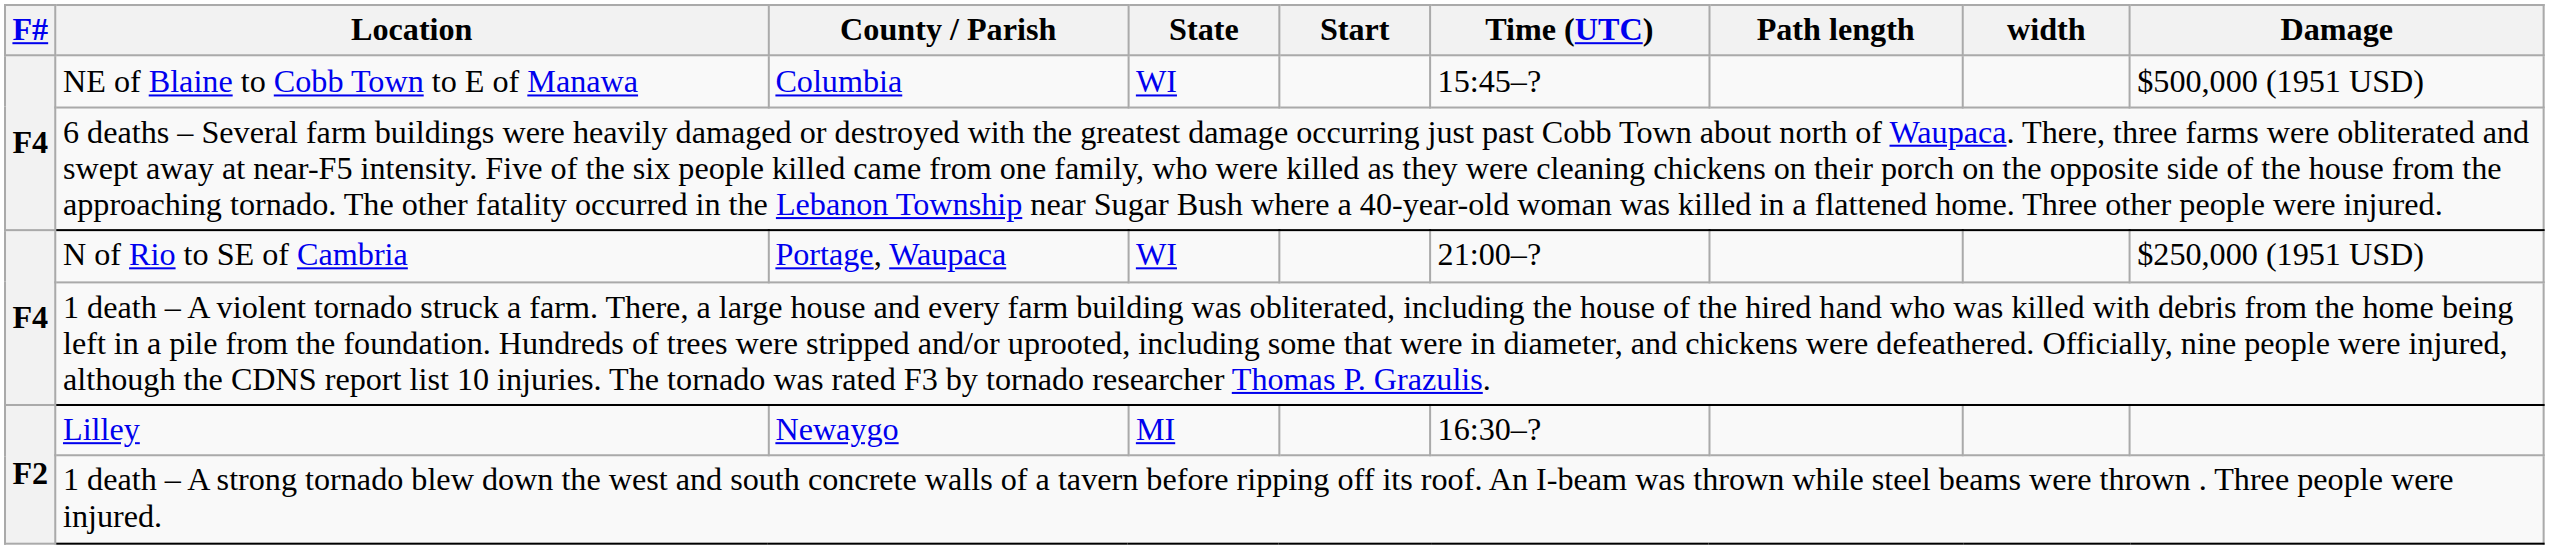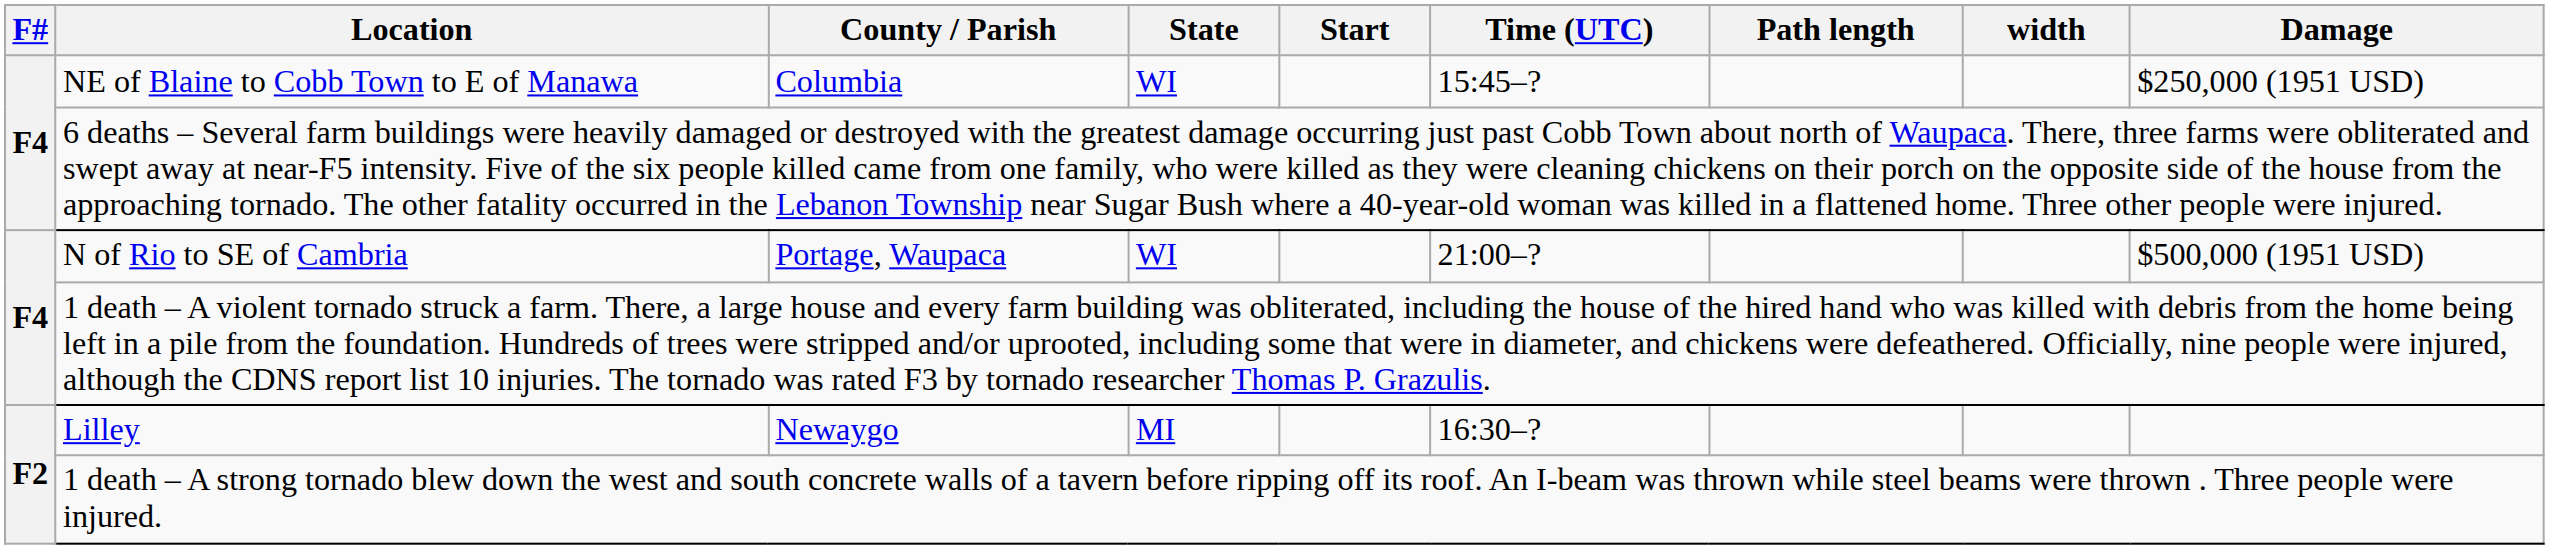 <table class="wikitable sortable" style="width:100%;">
 <tr>
 <th scope="col"  style="text-align:center;"><a href='#'>F#</a></th>
 <th scope="col"  style="text-align:center;" class="unsortable">Location</th>
 <th scope="col"  style="text-align:center;" class="unsortable">County / Parish</th>
 <th scope="col"  style="text-align:center;">State</th>
 <th scope="col"  style="text-align:center;">Start<br></th>
 <th scope="col"  style="text-align:center;">Time (<a href='#'>UTC</a>)</th>
 <th scope="col"  style="text-align:center;">Path length</th>
 <th scope="col"  style="text-align:center;"> width</th>
 <th scope="col"  style="text-align:center;">Damage</th>
 </tr>
 <tr>
 <th scope="row" rowspan="2" style="background-color:#">F4</th>
 <td>NE of <a href='#'>Blaine</a> to <a href='#'>Cobb Town</a> to E of <a href='#'>Manawa</a></td>
 <td><a href='#'>Columbia</a></td>
 <td><a href='#'>WI</a></td>
 <td></td>
 <td>15:45–?</td>
 <td></td>
 <td></td>
-<td>$500,000 (1951 USD)</td>
+<td>$250,000 (1951 USD)</td>
 </tr>
 <tr class="expand-child">
 <td colspan="8" style=" border-bottom: 1px solid black;">6 deaths – Several farm buildings were heavily damaged or destroyed with the greatest damage occurring just past Cobb Town about  north of <a href='#'>Waupaca</a>. There, three farms were obliterated and swept away at near-F5 intensity. Five of the six people killed came from one family, who were killed as they were cleaning chickens on their porch on the opposite side of the house from the approaching tornado. The other fatality occurred in the <a href='#'>Lebanon Township</a> near Sugar Bush where a 40-year-old woman was killed in a flattened home. Three other people were injured.</td>
 </tr>
 <tr>
 <th scope="row" rowspan="2" style="background-color:#">F4</th>
 <td>N of <a href='#'>Rio</a> to SE of <a href='#'>Cambria</a></td>
 <td><a href='#'>Portage</a>, <a href='#'>Waupaca</a></td>
 <td><a href='#'>WI</a></td>
 <td></td>
 <td>21:00–?</td>
 <td></td>
 <td></td>
-<td>$250,000 (1951 USD)</td>
+<td>$500,000 (1951 USD)</td>
 </tr>
 <tr class="expand-child">
 <td colspan="8" style=" border-bottom: 1px solid black;">1 death – A violent tornado struck a farm. There, a large house and every farm building was obliterated, including the house of the hired hand who was killed with debris from the home being left in a pile  from the foundation. Hundreds of trees were stripped and/or uprooted, including some that were  in diameter, and chickens were defeathered. Officially, nine people were injured, although the CDNS report list 10 injuries. The tornado was rated F3 by tornado researcher <a href='#'>Thomas P. Grazulis</a>.</td>
 </tr>
 <tr>
 <th scope="row" rowspan="2" style="background-color:#">F2</th>
 <td><a href='#'>Lilley</a></td>
 <td><a href='#'>Newaygo</a></td>
 <td><a href='#'>MI</a></td>
 <td></td>
 <td>16:30–?</td>
 <td></td>
 <td></td>
 <td></td>
 </tr>
 <tr class="expand-child">
 <td colspan="8" style=" border-bottom: 1px solid black;">1 death – A strong tornado blew down the west and south concrete walls of a tavern before ripping off its roof. An I-beam was thrown  while steel beams were thrown . Three people were injured.</td>
 </tr>
 </table>
